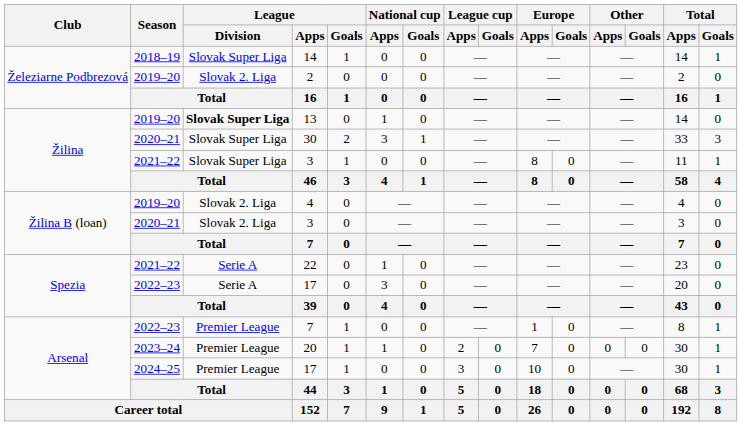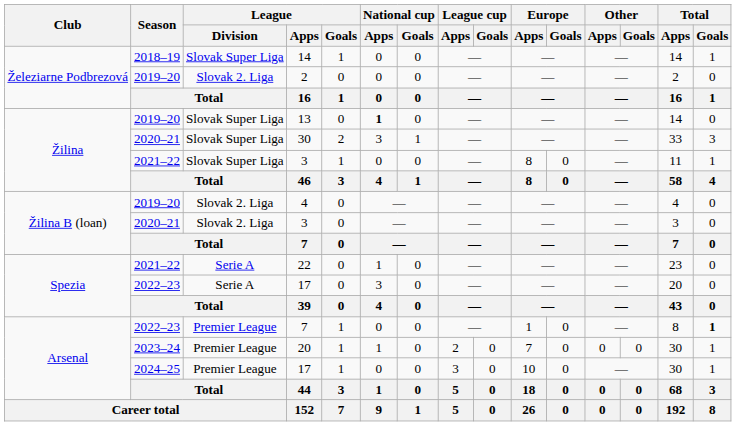 <table class="wikitable" style="text-align: center;">
 <tr>
 <th rowspan="2">Club</th>
 <th rowspan="2">Season</th>
 <th colspan="3">League</th>
 <th colspan="2">National cup</th>
 <th colspan="2">League cup</th>
 <th colspan="2">Europe</th>
 <th colspan="2">Other</th>
 <th colspan="2">Total</th>
 </tr>
 <tr>
 <th>Division</th>
 <th>Apps</th>
 <th>Goals</th>
 <th>Apps</th>
 <th>Goals</th>
 <th>Apps</th>
 <th>Goals</th>
 <th>Apps</th>
 <th>Goals</th>
 <th>Apps</th>
 <th>Goals</th>
 <th>Apps</th>
 <th>Goals</th>
 </tr>
 <tr>
 <td rowspan="3"><a href='#'>Železiarne Podbrezová</a></td>
 <td><a href='#'>2018–19</a></td>
 <td><a href='#'>Slovak Super Liga</a></td>
 <td>14</td>
 <td>1</td>
 <td>0</td>
 <td>0</td>
 <td colspan="2">—</td>
 <td colspan="2">—</td>
 <td colspan="2">—</td>
 <td>14</td>
 <td>1</td>
 </tr>
 <tr>
 <td><a href='#'>2019–20</a></td>
 <td><a href='#'>Slovak 2. Liga</a></td>
 <td>2</td>
 <td>0</td>
 <td>0</td>
 <td>0</td>
 <td colspan="2">—</td>
 <td colspan="2">—</td>
 <td colspan="2">—</td>
 <td>2</td>
 <td>0</td>
 </tr>
 <tr>
 <th colspan="2">Total</th>
 <th>16</th>
 <th>1</th>
 <th>0</th>
 <th>0</th>
 <th colspan="2">—</th>
 <th colspan="2">—</th>
 <th colspan="2">—</th>
 <th>16</th>
 <th>1</th>
 </tr>
 <tr>
 <td rowspan="4"><a href='#'>Žilina</a></td>
 <td><a href='#'>2019–20</a></td>
-<td><strong>Slovak Super Liga</strong></td>
+<td>Slovak Super Liga</td>
 <td>13</td>
 <td>0</td>
-<td>1</td>
+<td><strong>1</strong></td>
 <td>0</td>
 <td colspan="2">—</td>
 <td colspan="2">—</td>
 <td colspan="2">—</td>
 <td>14</td>
 <td>0</td>
 </tr>
 <tr>
 <td><a href='#'>2020–21</a></td>
 <td>Slovak Super Liga</td>
 <td>30</td>
 <td>2</td>
 <td>3</td>
 <td>1</td>
 <td colspan="2">—</td>
 <td colspan="2">—</td>
 <td colspan="2">—</td>
 <td>33</td>
 <td>3</td>
 </tr>
 <tr>
 <td><a href='#'>2021–22</a></td>
 <td>Slovak Super Liga</td>
 <td>3</td>
 <td>1</td>
 <td>0</td>
 <td>0</td>
 <td colspan="2">—</td>
 <td>8</td>
 <td>0</td>
 <td colspan="2">—</td>
 <td>11</td>
 <td>1</td>
 </tr>
 <tr>
 <th colspan="2">Total</th>
 <th>46</th>
 <th>3</th>
 <th>4</th>
 <th>1</th>
 <th colspan="2">—</th>
 <th>8</th>
 <th>0</th>
 <th colspan="2">—</th>
 <th>58</th>
 <th>4</th>
 </tr>
 <tr>
 <td rowspan="3"><a href='#'>Žilina B</a> (loan)</td>
 <td><a href='#'>2019–20</a></td>
 <td>Slovak 2. Liga</td>
 <td>4</td>
 <td>0</td>
 <td colspan="2">—</td>
 <td colspan="2">—</td>
 <td colspan="2">—</td>
 <td colspan="2">—</td>
 <td>4</td>
 <td>0</td>
 </tr>
 <tr>
 <td><a href='#'>2020–21</a></td>
 <td>Slovak 2. Liga</td>
 <td>3</td>
 <td>0</td>
 <td colspan="2">—</td>
 <td colspan="2">—</td>
 <td colspan="2">—</td>
 <td colspan="2">—</td>
 <td>3</td>
 <td>0</td>
 </tr>
 <tr>
 <th colspan=2>Total</th>
 <th>7</th>
 <th>0</th>
 <th colspan="2">—</th>
 <th colspan="2">—</th>
 <th colspan="2">—</th>
 <th colspan="2">—</th>
 <th>7</th>
 <th>0</th>
 </tr>
 <tr>
 <td rowspan="3"><a href='#'>Spezia</a></td>
 <td><a href='#'>2021–22</a></td>
 <td><a href='#'>Serie A</a></td>
 <td>22</td>
 <td>0</td>
 <td>1</td>
 <td>0</td>
 <td colspan="2">—</td>
 <td colspan="2">—</td>
 <td colspan="2">—</td>
 <td>23</td>
 <td>0</td>
 </tr>
 <tr>
 <td><a href='#'>2022–23</a></td>
 <td>Serie A</td>
 <td>17</td>
 <td>0</td>
 <td>3</td>
 <td>0</td>
 <td colspan="2">—</td>
 <td colspan="2">—</td>
 <td colspan="2">—</td>
 <td>20</td>
 <td>0</td>
 </tr>
 <tr>
 <th colspan="2">Total</th>
 <th>39</th>
 <th>0</th>
 <th>4</th>
 <th>0</th>
 <th colspan="2">—</th>
 <th colspan="2">—</th>
 <th colspan="2">—</th>
 <th>43</th>
 <th>0</th>
 </tr>
 <tr>
 <td rowspan="4"><a href='#'>Arsenal</a></td>
 <td><a href='#'>2022–23</a></td>
 <td><a href='#'>Premier League</a></td>
 <td>7</td>
 <td>1</td>
 <td>0</td>
 <td>0</td>
 <td colspan="2">—</td>
 <td>1</td>
 <td>0</td>
 <td colspan="2">—</td>
 <td>8</td>
-<td>1</td>
+<td><strong>1</strong></td>
 </tr>
 <tr>
 <td><a href='#'>2023–24</a></td>
 <td>Premier League</td>
 <td>20</td>
 <td>1</td>
 <td>1</td>
 <td>0</td>
 <td>2</td>
 <td>0</td>
 <td>7</td>
 <td>0</td>
 <td>0</td>
 <td>0</td>
 <td>30</td>
 <td>1</td>
 </tr>
 <tr>
 <td><a href='#'>2024–25</a></td>
 <td>Premier League</td>
 <td>17</td>
 <td>1</td>
 <td>0</td>
 <td>0</td>
 <td>3</td>
 <td>0</td>
 <td>10</td>
 <td>0</td>
 <td colspan="2">—</td>
 <td>30</td>
 <td>1</td>
 </tr>
 <tr>
 <th colspan="2">Total</th>
 <th>44</th>
 <th>3</th>
 <th>1</th>
 <th>0</th>
 <th>5</th>
 <th>0</th>
 <th>18</th>
 <th>0</th>
 <th>0</th>
 <th>0</th>
 <th>68</th>
 <th>3</th>
 </tr>
 <tr>
 <th colspan="3">Career total</th>
 <th>152</th>
 <th>7</th>
 <th>9</th>
 <th>1</th>
 <th>5</th>
 <th>0</th>
 <th>26</th>
 <th>0</th>
 <th>0</th>
 <th>0</th>
 <th>192</th>
 <th>8</th>
 </tr>
 </table>
